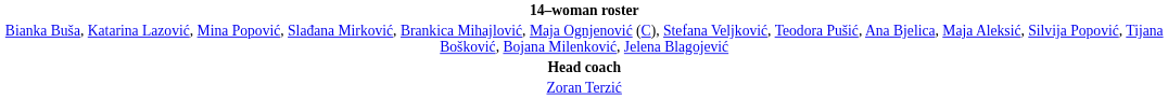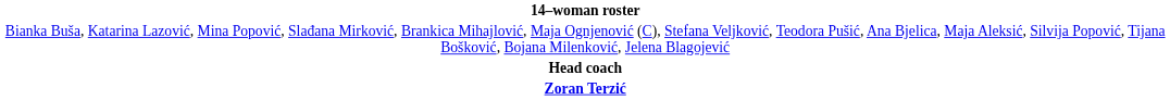 <table style="text-align: center; margin-top: 2em; margin-left: auto; margin-right: auto">
 <tr>
 <td><strong>14–woman roster</strong></td>
 </tr>
 <tr>
 <td><a href='#'>Bianka Buša</a>, <a href='#'>Katarina Lazović</a>, <a href='#'>Mina Popović</a>, <a href='#'>Slađana Mirković</a>, <a href='#'>Brankica Mihajlović</a>, <a href='#'>Maja Ognjenović</a> (<a href='#'>C</a>), <a href='#'>Stefana Veljković</a>, <a href='#'>Teodora Pušić</a>, <a href='#'>Ana Bjelica</a>, <a href='#'>Maja Aleksić</a>, <a href='#'>Silvija Popović</a>, <a href='#'>Tijana Bošković</a>, <a href='#'>Bojana Milenković</a>, <a href='#'>Jelena Blagojević</a></td>
 </tr>
 <tr>
 <td><strong>Head coach</strong></td>
 </tr>
 <tr>
-<td><a href='#'>Zoran Terzić</a></td>
+<td><strong><a href='#'>Zoran Terzić</a></strong></td>
 </tr>
 </table>
